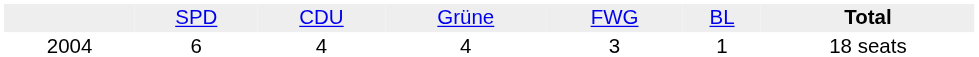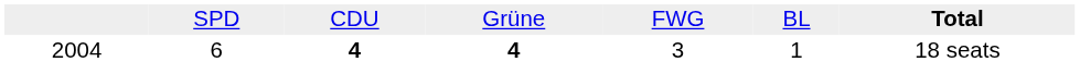 <table border="0" cellpadding="2" cellspacing="0" width="60%">
 <tr bgcolor="#eeeeee" align="center">
 <td></td>
 <td><a href='#'>SPD</a></td>
 <td><a href='#'>CDU</a></td>
 <td><a href='#'>Grüne</a></td>
 <td><a href='#'>FWG</a></td>
 <td><a href='#'>BL</a></td>
 <td><strong>Total</strong></td>
 </tr>
 <tr align="center">
 <td>2004</td>
 <td>6</td>
-<td>4</td>
-<td>4</td>
+<td><strong>4</strong></td>
+<td><strong>4</strong></td>
 <td>3</td>
 <td>1</td>
 <td>18 seats</td>
 </tr>
 </table>
